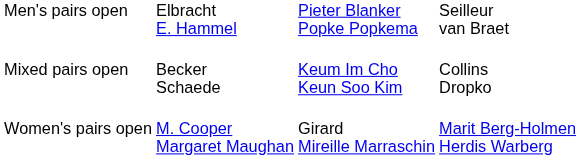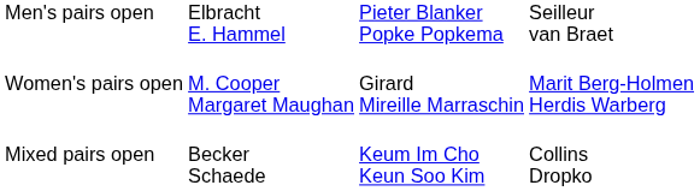 <table>
 <tr>
 <td>Men's pairs open<br></td>
 <td valign=top> <br> Elbracht <br> <a href='#'>E. Hammel</a></td>
 <td valign=top> <br> <a href='#'>Pieter Blanker</a> <br> <a href='#'>Popke Popkema</a></td>
 <td valign=top> <br> Seilleur <br> van Braet</td>
 </tr>
 <tr>
+<td>Women's pairs open<br></td>
+<td valign=top> <br> <a href='#'>M. Cooper</a> <br> <a href='#'>Margaret Maughan</a></td>
+<td valign=top> <br> Girard <br> <a href='#'>Mireille Marraschin</a></td>
+<td valign=top> <br> <a href='#'>Marit Berg-Holmen</a> <br> <a href='#'>Herdis Warberg</a></td>
+</tr>
+<tr>
 <td>Mixed pairs open<br></td>
 <td valign=top> <br> Becker <br> Schaede</td>
 <td valign=top> <br> <a href='#'>Keum Im Cho</a> <br> <a href='#'>Keun Soo Kim</a></td>
 <td valign=top> <br> Collins <br> Dropko</td>
 </tr>
-<tr>
-<td>Women's pairs open<br></td>
-<td valign=top> <br> <a href='#'>M. Cooper</a> <br> <a href='#'>Margaret Maughan</a></td>
-<td valign=top> <br> Girard <br> <a href='#'>Mireille Marraschin</a></td>
-<td valign=top> <br> <a href='#'>Marit Berg-Holmen</a> <br> <a href='#'>Herdis Warberg</a></td>
-</tr>
 </table>
